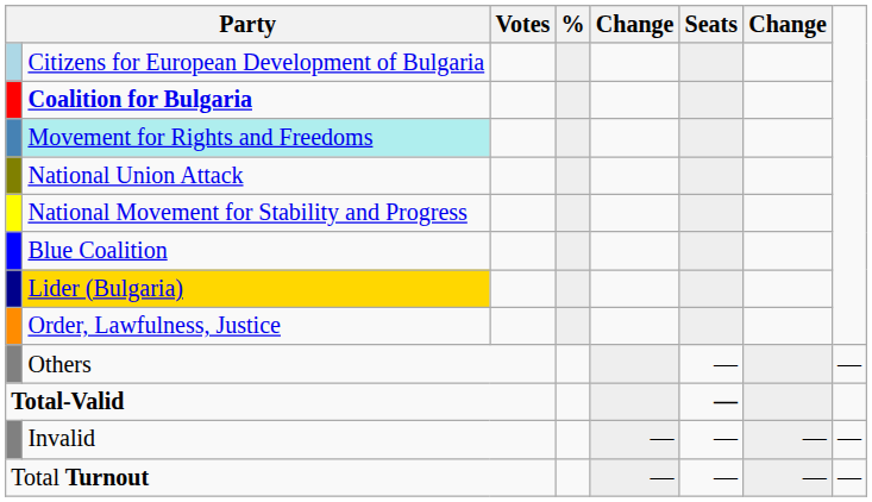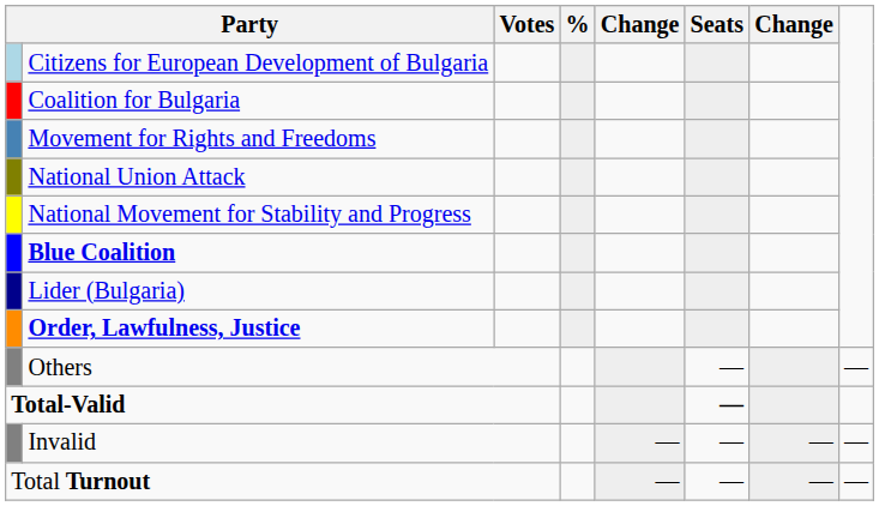 <table class="wikitable" border="1">
 <tr style="background-color:#C9C9C9">
 <th align=left colspan=2 valign=top>Party</th>
 <th align-right>Votes</th>
 <th align=right>%</th>
 <th align=right>Change</th>
 <th align=right>Seats</th>
 <th align=right>Change</th>
 </tr>
 <tr>
 <td bgcolor="lightblue"> </td>
 <td align=left><a href='#'>Citizens for European Development of Bulgaria</a></td>
 <td align=right></td>
 <td align=right style="background-color:#EEEEEE"></td>
 <td align=right></td>
 <td align=right style="background-color:#EEEEEE"></td>
 <td align=right></td>
 </tr>
 <tr>
 <td bgcolor="red"> </td>
-<td align=left><strong><a href='#'>Coalition for Bulgaria</a></strong></td>
+<td align=left><a href='#'>Coalition for Bulgaria</a></td>
 <td align=right></td>
 <td align=right style="background-color:#EEEEEE"></td>
 <td align=right></td>
 <td align=right style="background-color:#EEEEEE"></td>
 <td align=right></td>
 </tr>
 <tr>
 <td bgcolor="#4682B4"> </td>
-<td align=left style="background: paleturquoise;"><a href='#'>Movement for Rights and Freedoms</a></td>
+<td align=left><a href='#'>Movement for Rights and Freedoms</a></td>
 <td align=right></td>
 <td align=right style="background-color:#EEEEEE"></td>
 <td align=right></td>
 <td align=right style="background-color:#EEEEEE"></td>
 <td align=right></td>
 </tr>
 <tr>
 <td bgcolor="#808000"> </td>
 <td align=left><a href='#'>National Union Attack</a></td>
 <td align=right></td>
 <td align=right style="background-color:#EEEEEE"></td>
 <td align=right></td>
 <td align=right style="background-color:#EEEEEE"></td>
 <td align=right></td>
 </tr>
 <tr>
 <td bgcolor="yellow"> </td>
 <td align=left><a href='#'>National Movement for Stability and Progress</a></td>
 <td align=right></td>
 <td align=right style="background-color:#EEEEEE"></td>
 <td align=right></td>
 <td align=right style="background-color:#EEEEEE"></td>
 <td align=right></td>
 </tr>
 <tr>
 <td bgcolor="blue"> </td>
-<td align=left><a href='#'>Blue Coalition</a></td>
+<td align=left><strong><a href='#'>Blue Coalition</a></strong></td>
 <td align=right></td>
 <td align=right style="background-color:#EEEEEE"></td>
 <td align=right></td>
 <td align=right style="background-color:#EEEEEE"></td>
 <td align=right></td>
 </tr>
 <tr>
 <td bgcolor="darkblue"> </td>
-<td align=left style="background: gold;"><a href='#'>Lider (Bulgaria)</a></td>
+<td align=left><a href='#'>Lider (Bulgaria)</a></td>
 <td align=right></td>
 <td align=right style="background-color:#EEEEEE"></td>
 <td align=right></td>
 <td align=right style="background-color:#EEEEEE"></td>
 <td align=right></td>
 </tr>
 <tr>
 <td bgcolor="darkorange"> </td>
-<td align=left><a href='#'>Order, Lawfulness, Justice</a></td>
+<td align=left><strong><a href='#'>Order, Lawfulness, Justice</a></strong></td>
 <td align=right></td>
 <td align=right style="background-color:#EEEEEE"></td>
 <td align=right></td>
 <td align=right style="background-color:#EEEEEE"></td>
 <td align=right></td>
 </tr>
 <tr>
 <td bgcolor="grey"> </td>
 <td align=left colspan=2>Others</td>
 <td align=right></td>
 <td align=right style="background-color:#EEEEEE"></td>
 <td align=right>—</td>
 <td align=right style="background-color:#EEEEEE"></td>
 <td align=right>—</td>
 </tr>
 <tr>
 <td align=left colspan=3><strong>Total-Valid</strong></td>
 <td align=right></td>
 <td align=right style="background-color:#EEEEEE"></td>
 <td align=right><strong>—<em></td>
 <td align=right style="background-color:#EEEEEE"></td>
 <td align=right></td>
 </tr>
 <tr>
 <td bgcolor="grey"></td>
 <td align=left colspan=2>Invalid</td>
 <td align=right></td>
 <td align=right style="background-color:#EEEEEE">—</td>
 <td align=right>—</td>
 <td align=right style="background-color:#EEEEEE">—</td>
 <td align=right>—</td>
 </tr>
 <tr>
 <td align=left colspan=3></strong>Total<strong>      </em> Turnout<em></td>
 <td align=right></td>
 <td align=right style="background-color:#EEEEEE"></strong>—<strong></td>
 <td align=right></strong>—<strong></td>
 <td align=right style="background-color:#EEEEEE"></strong>—<strong></td>
 <td align=right></strong>—<strong></td>
 </tr>
 </table>
